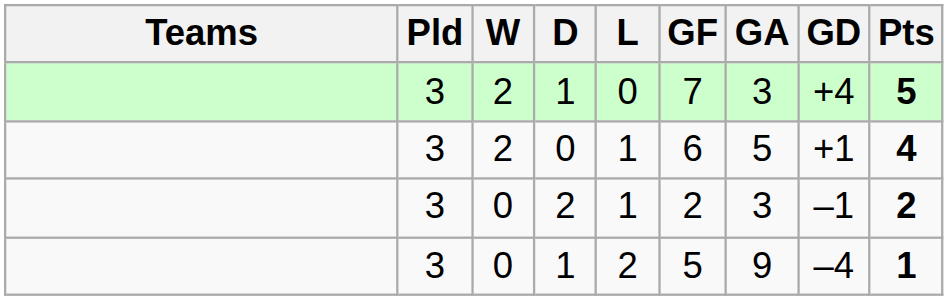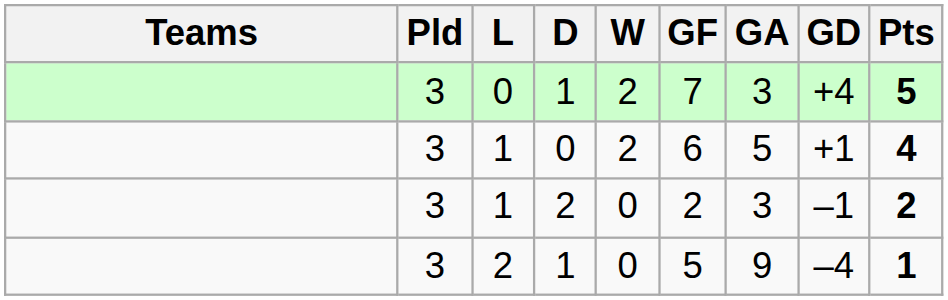 <table class="wikitable" style="text-align: center;">
 <tr>
 <th width=165>Teams</th>
 <th width=20>Pld</th>
+<th width=20>L</th>
+<th width=20>D</th>
 <th width=20>W</th>
-<th width=20>D</th>
-<th width=20>L</th>
 <th width=20>GF</th>
 <th width=20>GA</th>
 <th width=20>GD</th>
 <th width=20>Pts</th>
 </tr>
 <tr align=center style="background:#ccffcc;">
 <td style="text-align:left;"></td>
 <td>3</td>
+<td>0</td>
+<td>1</td>
 <td>2</td>
-<td>1</td>
-<td>0</td>
 <td>7</td>
 <td>3</td>
 <td>+4</td>
 <td><strong>5</strong></td>
 </tr>
 <tr align=center>
 <td style="text-align:left;"></td>
 <td>3</td>
+<td>1</td>
+<td>0</td>
 <td>2</td>
-<td>0</td>
-<td>1</td>
 <td>6</td>
 <td>5</td>
 <td>+1</td>
 <td><strong>4</strong></td>
 </tr>
 <tr align=center>
 <td style="text-align:left;"></td>
 <td>3</td>
+<td>1</td>
+<td>2</td>
 <td>0</td>
-<td>2</td>
-<td>1</td>
 <td>2</td>
 <td>3</td>
 <td>–1</td>
 <td><strong>2</strong></td>
 </tr>
 <tr align=center>
 <td style="text-align:left;"></td>
 <td>3</td>
+<td>2</td>
+<td>1</td>
 <td>0</td>
-<td>1</td>
-<td>2</td>
 <td>5</td>
 <td>9</td>
 <td>–4</td>
 <td><strong>1</strong></td>
 </tr>
 </table>
